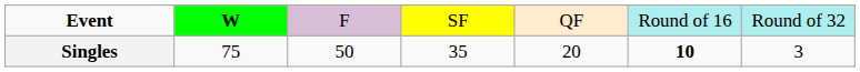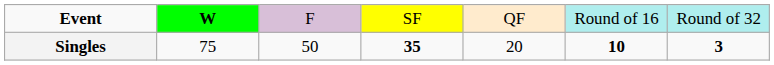 <table class=wikitable style=font-size:95%;text-align:center>
 <tr>
 <td style="width:130px"><strong>Event</strong></td>
 <td style="width:85px; background:lime"><strong>W</strong></td>
 <td style="width:85px; background:thistle">F</td>
 <td style="width:85px; background:#ffff00">SF</td>
 <td style="width:85px; background:#ffebcd">QF</td>
 <td style="width:85px; background:#afeeee">Round of 16</td>
 <td style="width:85px; background:#afeeee">Round of 32</td>
 </tr>
 <tr>
 <th style=background:#f3f3f3>Singles </th>
 <td>75</td>
 <td>50</td>
-<td>35</td>
+<td><strong>35</strong></td>
 <td>20</td>
 <td><strong>10</strong></td>
-<td>3</td>
+<td><strong>3</strong></td>
 </tr>
 </table>
